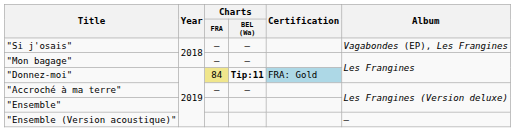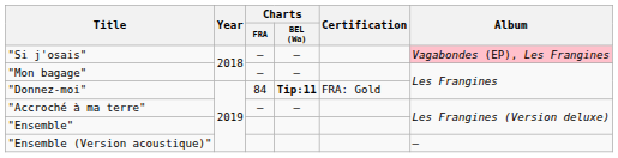 <table class="wikitable">
 <tr>
 <th rowspan="2">Title</th>
 <th rowspan="2">Year</th>
 <th colspan="2">Charts</th>
 <th rowspan="2">Certification</th>
 <th rowspan="2">Album</th>
 </tr>
 <tr>
 <th style="width:3em;font-size:75%">FRA<br></th>
 <th style="width:3em;font-size:75%">BEL<br>(Wa)<br></th>
 </tr>
 <tr>
 <td>"Si j'osais"</td>
 <td align="center" rowspan="2">2018</td>
 <td align="center">—</td>
 <td align="center">—</td>
 <td></td>
-<td rowspan="1"><em>Vagabondes</em> (EP), <em>Les Frangines</em></td>
+<td rowspan="1" style="background: pink;"><em>Vagabondes</em> (EP), <em>Les Frangines</em></td>
 </tr>
 <tr>
 <td>"Mon bagage"</td>
 <td align="center">—</td>
 <td align="center">—</td>
 <td></td>
 <td rowspan="2"><em>Les Frangines</em></td>
 </tr>
 <tr>
 <td>"Donnez-moi"</td>
 <td align="center" rowspan="4">2019</td>
-<td align="center" style="background: khaki;">84</td>
+<td align="center">84</td>
 <td align="center"><strong>Tip:11</strong></td>
-<td style="background: lightblue;">FRA: Gold</td>
+<td>FRA: Gold</td>
 </tr>
 <tr>
 <td>"Accroché à ma terre"</td>
 <td align="center">—</td>
 <td align="center">—</td>
 <td></td>
 <td rowspan="2"><em>Les Frangines (Version deluxe)</em></td>
 </tr>
 <tr>
 <td>"Ensemble"</td>
 <td align="center"></td>
 <td align="center"></td>
 <td></td>
 </tr>
 <tr>
 <td>"Ensemble (Version acoustique)"</td>
 <td align="center"></td>
 <td align="center"></td>
 <td></td>
 <td>—</td>
 </tr>
 </table>
